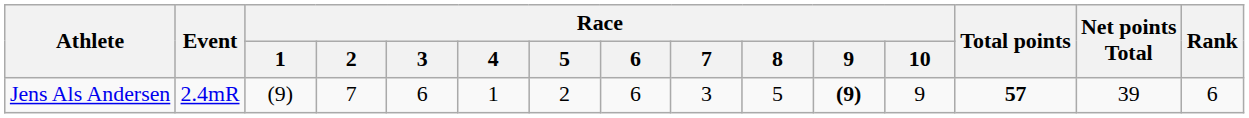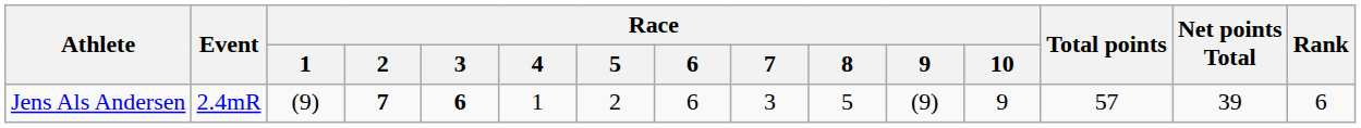 <table class=wikitable style="font-size:90%">
 <tr>
 <th rowspan="2">Athlete</th>
 <th rowspan="2">Event</th>
 <th colspan="10">Race</th>
 <th rowspan="2">Total points</th>
 <th rowspan="2">Net points<br>Total</th>
 <th rowspan="2">Rank</th>
 </tr>
 <tr>
 <th width="40">1</th>
 <th width="40">2</th>
 <th width="40">3</th>
 <th width="40">4</th>
 <th width="40">5</th>
 <th width="40">6</th>
 <th width="40">7</th>
 <th width="40">8</th>
 <th width="40">9</th>
 <th width="40">10</th>
 </tr>
 <tr>
 <td><a href='#'>Jens Als Andersen</a></td>
 <td><a href='#'>2.4mR</a></td>
 <td style="text-align:center;">(9)</td>
-<td style="text-align:center;">7</td>
-<td style="text-align:center;">6</td>
+<td style="text-align:center;"><strong>7</strong></td>
+<td style="text-align:center;"><strong>6</strong></td>
 <td style="text-align:center;">1</td>
 <td style="text-align:center;">2</td>
 <td style="text-align:center;">6</td>
 <td style="text-align:center;">3</td>
 <td style="text-align:center;">5</td>
-<td style="text-align:center;"><strong>(9)</strong></td>
+<td style="text-align:center;">(9)</td>
 <td style="text-align:center;">9</td>
-<td style="text-align:center;"><strong>57</strong></td>
+<td style="text-align:center;">57</td>
 <td style="text-align:center;">39</td>
 <td style="text-align:center;">6</td>
 </tr>
 </table>
